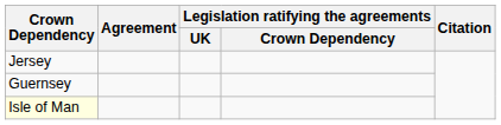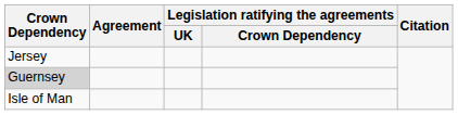 <table class="wikitable">
 <tr>
 <th rowspan=2>Crown<br>Dependency</th>
 <th rowspan=2>Agreement</th>
 <th colspan=2>Legislation ratifying the agreements</th>
 <th rowspan="2">Citation</th>
 </tr>
 <tr>
 <th>UK</th>
 <th>Crown Dependency</th>
 </tr>
 <tr>
 <td>Jersey</td>
 <td></td>
 <td></td>
 <td></td>
 <td rowspan="3"></td>
 </tr>
 <tr>
-<td>Guernsey</td>
+<td style="background: lightgrey;">Guernsey</td>
 <td></td>
 <td></td>
 <td></td>
 </tr>
 <tr>
-<td style="background: lightyellow;">Isle of Man</td>
+<td>Isle of Man</td>
 <td></td>
 <td></td>
 <td></td>
 </tr>
 </table>
